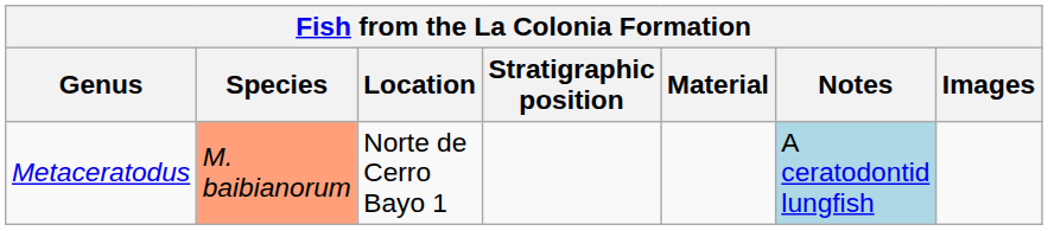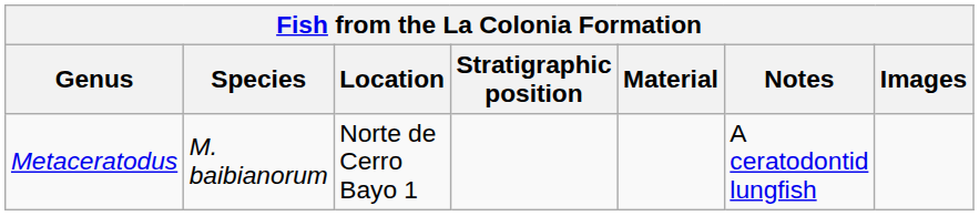 <table class="wikitable" align="center">
 <tr>
 <th colspan="7" align="center"><strong><a href='#'>Fish</a> from the La Colonia Formation</strong></th>
 </tr>
 <tr>
 <th>Genus</th>
 <th>Species</th>
 <th>Location</th>
 <th>Stratigraphic position</th>
 <th>Material</th>
 <th>Notes</th>
 <th>Images</th>
 </tr>
 <tr>
 <td><em><a href='#'>Metaceratodus</a></em></td>
-<td style="background: lightsalmon;"><em>M. baibianorum</em></td>
+<td><em>M. baibianorum</em></td>
 <td>Norte de Cerro Bayo 1</td>
 <td></td>
 <td></td>
-<td style="background: lightblue;">A <a href='#'>ceratodontid</a> <a href='#'>lungfish</a></td>
+<td>A <a href='#'>ceratodontid</a> <a href='#'>lungfish</a></td>
 <td></td>
 </tr>
 </table>
